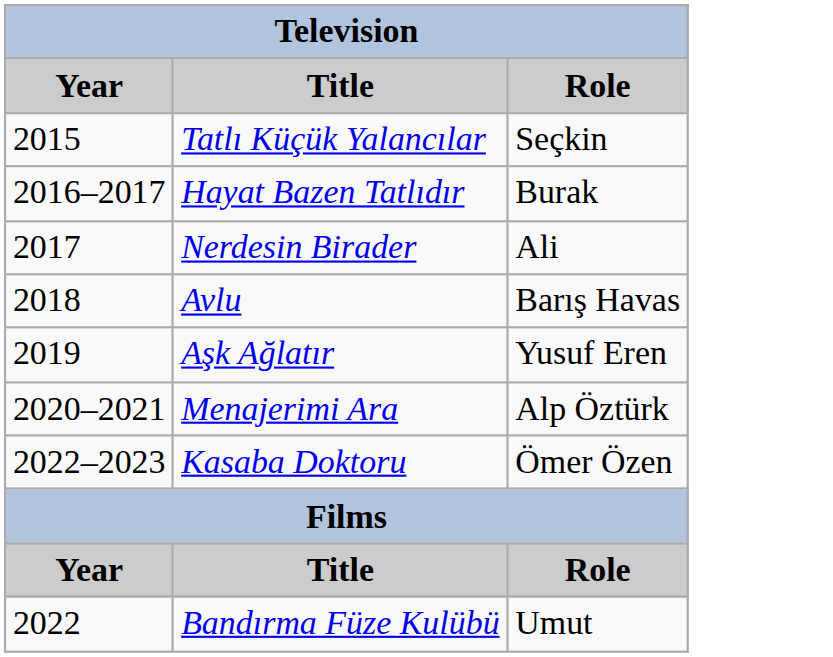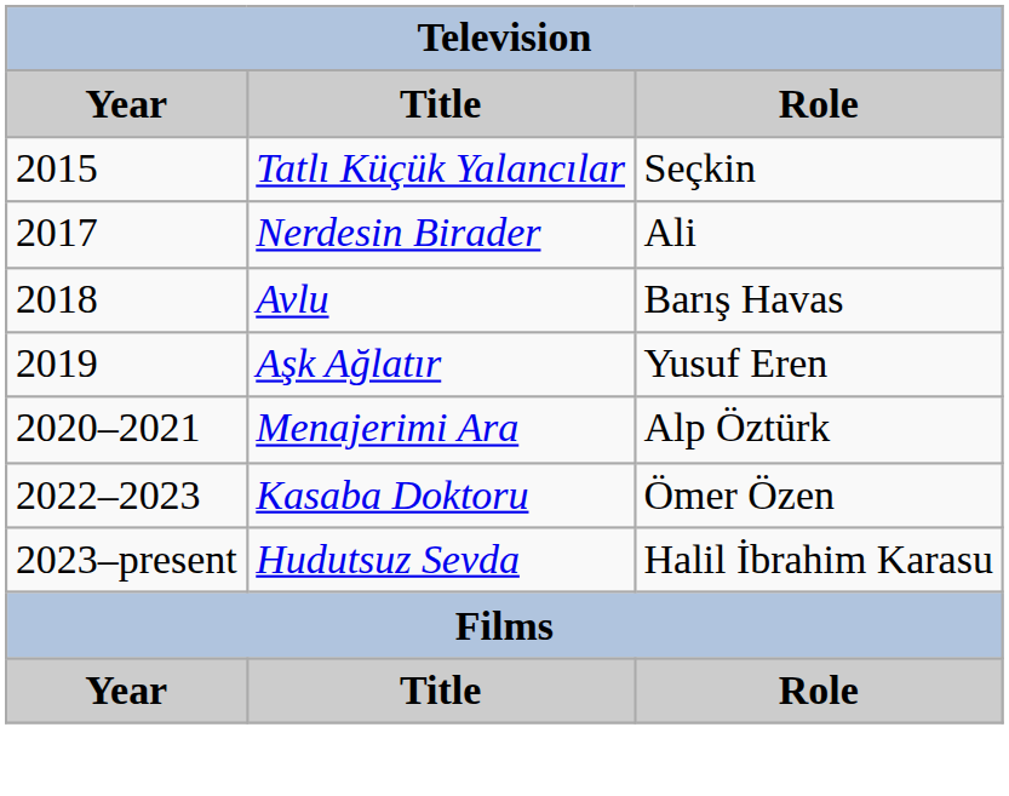 <table class="wikitable" style="f">
 <tr>
 <th colspan=3 style="background:LightSteelBlue">Television</th>
 </tr>
 <tr>
 <th style="background:#CCCCCC">Year</th>
 <th style="background:#CCCCCC">Title</th>
 <th style="background:#CCCCCC">Role</th>
 </tr>
 <tr>
 <td>2015</td>
 <td><em><a href='#'>Tatlı Küçük Yalancılar</a></em></td>
 <td>Seçkin</td>
-</tr>
-<tr>
-<td>2016–2017</td>
-<td><em><a href='#'>Hayat Bazen Tatlıdır</a></em></td>
-<td>Burak</td>
 </tr>
 <tr>
 <td>2017</td>
 <td><em><a href='#'>Nerdesin Birader</a></em></td>
 <td>Ali</td>
 </tr>
 <tr>
 <td>2018</td>
 <td><em><a href='#'>Avlu</a></em></td>
 <td>Barış Havas</td>
 </tr>
 <tr>
 <td>2019</td>
 <td><em><a href='#'>Aşk Ağlatır</a></em></td>
 <td>Yusuf Eren</td>
 </tr>
 <tr>
 <td>2020–2021</td>
 <td><em><a href='#'>Menajerimi Ara</a></em></td>
 <td>Alp Öztürk</td>
 </tr>
 <tr>
 <td>2022–2023</td>
 <td><em><a href='#'>Kasaba Doktoru</a></em></td>
 <td>Ömer Özen</td>
 </tr>
 <tr>
+<td>2023–present</td>
+<td><em><a href='#'>Hudutsuz Sevda</a></em></td>
+<td>Halil İbrahim Karasu</td>
+</tr>
+<tr>
 <th colspan=3 style="background:LightSteelBlue">Films</th>
 </tr>
 <tr>
 <th style="background:#CCCCCC">Year</th>
 <th style="background:#CCCCCC">Title</th>
 <th style="background:#CCCCCC">Role</th>
 </tr>
-<tr>
-<td>2022</td>
-<td><em><a href='#'>Bandırma Füze Kulübü</a></em></td>
-<td>Umut</td>
-</tr>
 </table>
